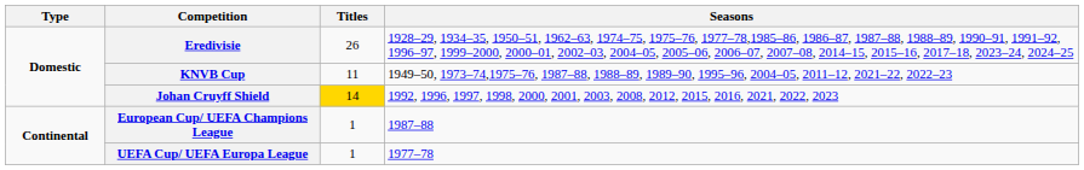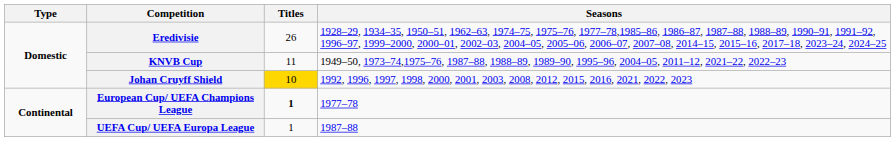 <table class="wikitable plainrowheaders" style="font-size:95%; text-align:center;">
 <tr>
 <th style="width: 1%;">Type</th>
 <th style="width: 5%;">Competition</th>
 <th style="width: 1%;">Titles</th>
 <th style="width: 18%;">Seasons</th>
 </tr>
 <tr>
 <td rowspan="3"><strong>Domestic</strong></td>
 <th rowspan="1" scope="col"><a href='#'>Eredivisie</a></th>
 <td style="text-align:center;">26</td>
 <td rowspan="1" align="left"><a href='#'>1928–29</a>, <a href='#'>1934–35</a>, <a href='#'>1950–51</a>, <a href='#'>1962–63</a>, <a href='#'>1974–75</a>, <a href='#'>1975–76</a>, <a href='#'>1977–78</a>,<a href='#'>1985–86</a>, <a href='#'>1986–87</a>, <a href='#'>1987–88</a>, <a href='#'>1988–89</a>, <a href='#'>1990–91</a>, <a href='#'>1991–92</a>, <a href='#'>1996–97</a>, <a href='#'>1999–2000</a>, <a href='#'>2000–01</a>, <a href='#'>2002–03</a>, <a href='#'>2004–05</a>, <a href='#'>2005–06</a>, <a href='#'>2006–07</a>, <a href='#'>2007–08</a>, <a href='#'>2014–15</a>, <a href='#'>2015–16</a>, <a href='#'>2017–18</a>, <a href='#'>2023–24</a>, <a href='#'>2024–25</a></td>
 </tr>
 <tr>
 <th rowspan="1" scope="col"><a href='#'>KNVB Cup</a></th>
 <td style="text-align:center;">11</td>
 <td rowspan="1" align="left">1949–50, <a href='#'>1973–74</a>,<a href='#'>1975–76</a>, <a href='#'>1987–88</a>, <a href='#'>1988–89</a>, <a href='#'>1989–90</a>, <a href='#'>1995–96</a>, <a href='#'>2004–05</a>, <a href='#'>2011–12</a>, <a href='#'>2021–22</a>, <a href='#'>2022–23</a></td>
 </tr>
 <tr>
 <th rowspan="1" scope="col"><a href='#'>Johan Cruyff Shield</a></th>
-<td style="background:gold;">14</td>
+<td style="background:gold;">10</td>
 <td rowspan="1" align="left"><a href='#'>1992</a>, <a href='#'>1996</a>, <a href='#'>1997</a>, <a href='#'>1998</a>, <a href='#'>2000</a>, <a href='#'>2001</a>, <a href='#'>2003</a>, <a href='#'>2008</a>, <a href='#'>2012</a>, <a href='#'>2015</a>, <a href='#'>2016</a>, <a href='#'>2021</a>, <a href='#'>2022</a>, <a href='#'>2023</a></td>
 </tr>
 <tr>
 <td rowspan="2"><strong>Continental</strong></td>
 <th rowspan="1" scope="col"><a href='#'>European Cup/ UEFA Champions League</a></th>
-<td style="text-align:center;">1</td>
-<td rowspan="1" align="left"><a href='#'>1987–88</a></td>
+<td style="text-align:center;"><strong>1</strong></td>
+<td align="left"><a href='#'>1977–78</a></td>
 </tr>
 <tr>
 <th rowspan="1" scope="col"><a href='#'>UEFA Cup/ UEFA Europa League</a></th>
 <td style="text-align:center;">1</td>
-<td align="left"><a href='#'>1977–78</a></td>
+<td rowspan="1" align="left"><a href='#'>1987–88</a></td>
 </tr>
 </table>
